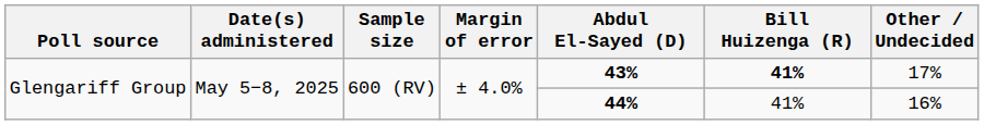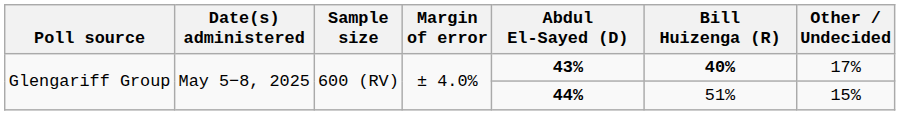 <table class="wikitable" style="font-size:90%;text-align:center;">
 <tr valign=bottom>
 <th>Poll source</th>
 <th>Date(s)<br>administered</th>
 <th>Sample<br>size</th>
 <th>Margin<br>of error</th>
 <th style="width:100px;">Abdul<br>El-Sayed (D)</th>
 <th style="width:100px;">Bill<br>Huizenga (R)</th>
 <th>Other /<br>Undecided</th>
 </tr>
 <tr>
 <td style="text-align:left;" rowspan="2">Glengariff Group</td>
 <td rowspan="2">May 5−8, 2025</td>
 <td rowspan="2">600 (RV)</td>
 <td rowspan="2">± 4.0%</td>
 <td><strong>43%</strong></td>
-<td><strong>41%</strong></td>
+<td><strong>40%</strong></td>
 <td>17%</td>
 </tr>
 <tr>
 <td><strong>44%</strong></td>
-<td>41%</td>
-<td>16%</td>
+<td>51%</td>
+<td>15%</td>
 </tr>
 </table>
